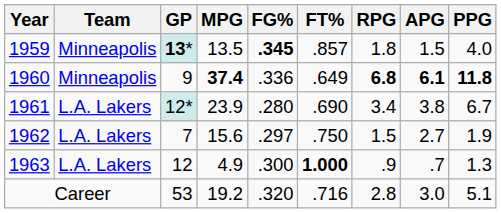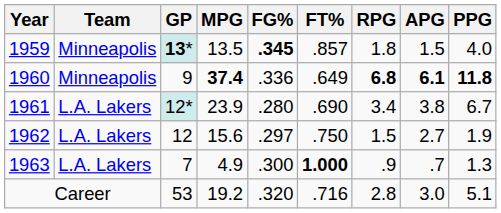 <table class="wikitable sortable" style="font-size:95%; text-align:right;">
 <tr>
 <th>Year</th>
 <th>Team</th>
 <th>GP</th>
 <th>MPG</th>
 <th>FG%</th>
 <th>FT%</th>
 <th>RPG</th>
 <th>APG</th>
 <th>PPG</th>
 </tr>
 <tr>
 <td style="text-align:left;"><a href='#'>1959</a></td>
 <td style="text-align:left;"><a href='#'>Minneapolis</a></td>
 <td style="background:#CFECEC;"><strong>13</strong>*</td>
 <td>13.5</td>
 <td><strong>.345</strong></td>
 <td>.857</td>
 <td>1.8</td>
 <td>1.5</td>
 <td>4.0</td>
 </tr>
 <tr>
 <td style="text-align:left;"><a href='#'>1960</a></td>
 <td style="text-align:left;"><a href='#'>Minneapolis</a></td>
 <td>9</td>
 <td><strong>37.4</strong></td>
 <td>.336</td>
 <td>.649</td>
 <td><strong>6.8</strong></td>
 <td><strong>6.1</strong></td>
 <td><strong>11.8</strong></td>
 </tr>
 <tr>
 <td style="text-align:left;"><a href='#'>1961</a></td>
 <td style="text-align:left;"><a href='#'>L.A. Lakers</a></td>
 <td style="background:#CFECEC;">12*</td>
 <td>23.9</td>
 <td>.280</td>
 <td>.690</td>
 <td>3.4</td>
 <td>3.8</td>
 <td>6.7</td>
 </tr>
 <tr>
 <td style="text-align:left;"><a href='#'>1962</a></td>
 <td style="text-align:left;"><a href='#'>L.A. Lakers</a></td>
-<td>7</td>
+<td>12</td>
 <td>15.6</td>
 <td>.297</td>
 <td>.750</td>
 <td>1.5</td>
 <td>2.7</td>
 <td>1.9</td>
 </tr>
 <tr>
 <td style="text-align:left;"><a href='#'>1963</a></td>
 <td style="text-align:left;"><a href='#'>L.A. Lakers</a></td>
-<td>12</td>
+<td>7</td>
 <td>4.9</td>
 <td>.300</td>
 <td><strong>1.000</strong></td>
 <td>.9</td>
 <td>.7</td>
 <td>1.3</td>
 </tr>
 <tr class="sortbottom">
 <td style="text-align:center;" colspan="2">Career</td>
 <td>53</td>
 <td>19.2</td>
 <td>.320</td>
 <td>.716</td>
 <td>2.8</td>
 <td>3.0</td>
 <td>5.1</td>
 </tr>
 </table>
